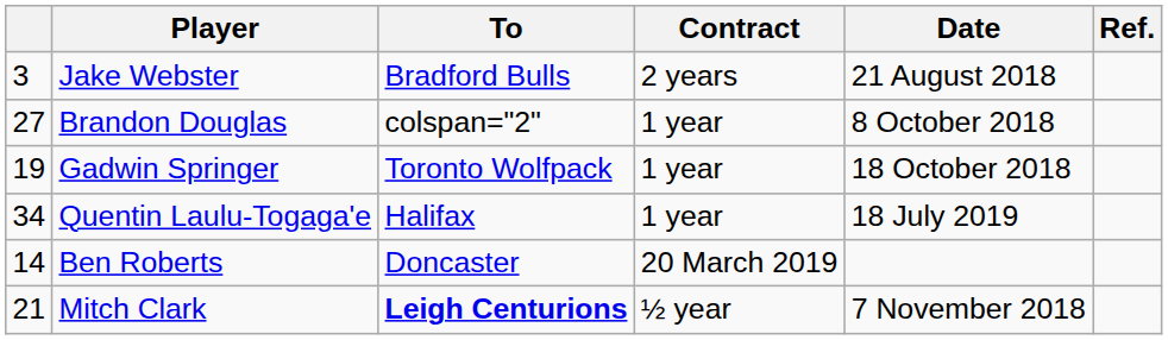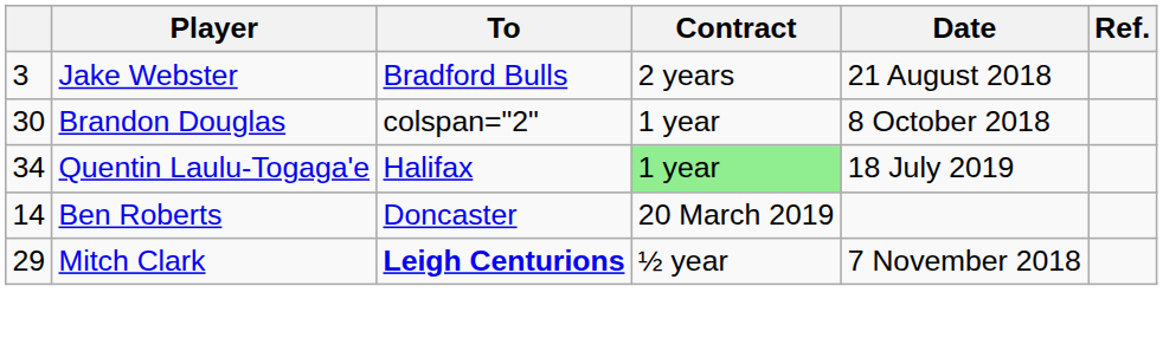 <table class="wikitable defaultleft col1center">
 <tr>
 <th></th>
 <th>Player</th>
 <th>To</th>
 <th>Contract</th>
 <th>Date</th>
 <th>Ref.</th>
 </tr>
 <tr>
 <td>3</td>
 <td> <a href='#'>Jake Webster</a></td>
 <td> <a href='#'>Bradford Bulls</a></td>
 <td>2 years</td>
 <td>21 August 2018</td>
 <td></td>
 </tr>
 <tr>
-<td>27</td>
+<td>30</td>
 <td> <a href='#'>Brandon Douglas</a></td>
 <td>colspan="2" </td>
 <td>1 year</td>
 <td>8 October 2018</td>
 <td></td>
 </tr>
 <tr>
-<td>19</td>
-<td> <a href='#'>Gadwin Springer</a></td>
-<td> <a href='#'>Toronto Wolfpack</a></td>
-<td>1 year</td>
-<td>18 October 2018</td>
-<td></td>
-</tr>
-<tr>
 <td>34</td>
 <td> <a href='#'>Quentin Laulu-Togaga'e</a></td>
 <td> <a href='#'>Halifax</a></td>
-<td>1 year</td>
+<td style="background: lightgreen;">1 year</td>
 <td>18 July 2019</td>
 <td></td>
 </tr>
 <tr>
 <td>14</td>
 <td> <a href='#'>Ben Roberts</a></td>
 <td> <a href='#'>Doncaster</a></td>
 <td>20 March 2019</td>
 <td></td>
 </tr>
 <tr>
-<td>21</td>
+<td>29</td>
 <td> <a href='#'>Mitch Clark</a></td>
 <td><strong> <a href='#'>Leigh Centurions</a></strong></td>
 <td>½ year</td>
 <td>7 November 2018</td>
 <td></td>
 </tr>
 </table>
